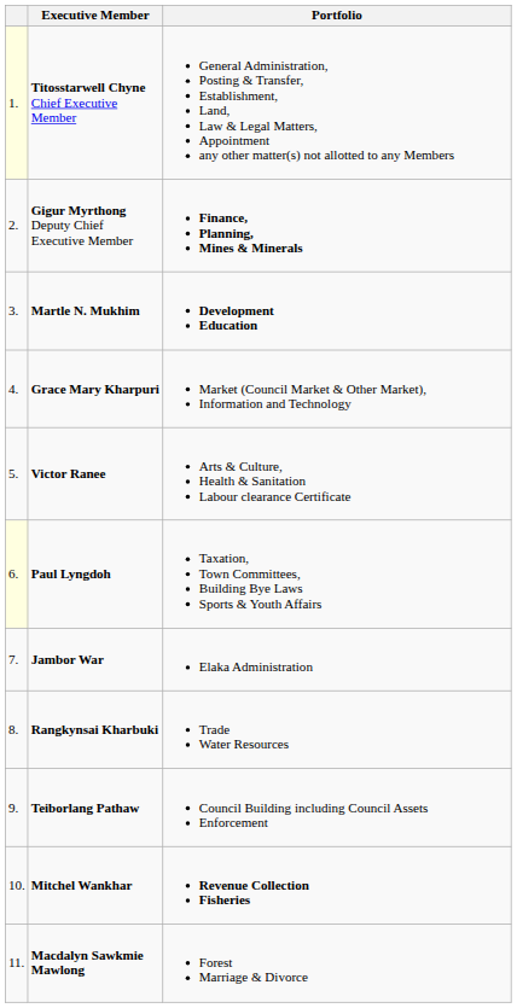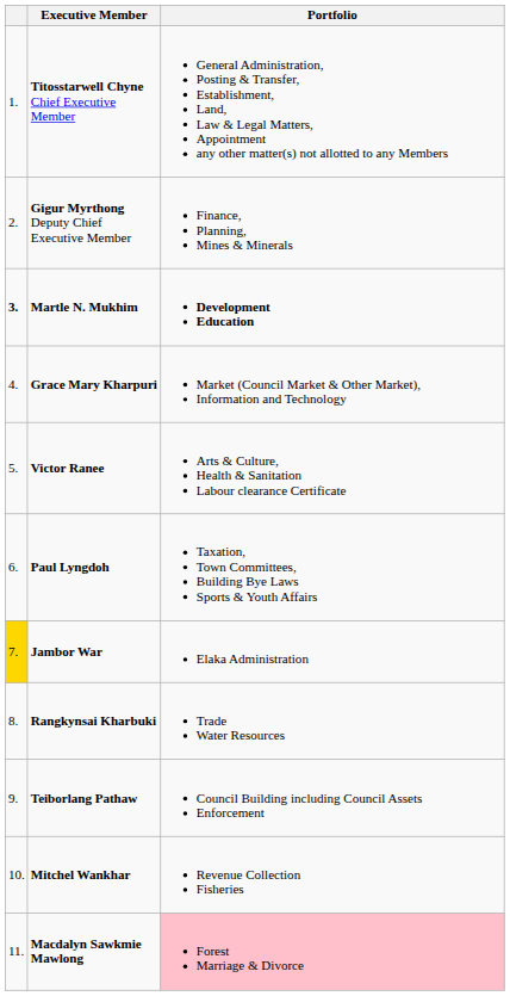 <table class="wikitable sortable">
 <tr>
 <th scope="col" style="width: 10px;"></th>
 <th scope="col" style="width: 200px;">Executive Member</th>
 <th scope="col" style="width: 600px;">Portfolio</th>
 </tr>
 <tr>
-<td style="background: lightyellow;">1.</td>
+<td>1.</td>
 <td><strong>Titosstarwell Chyne</strong><br><a href='#'>Chief Executive Member</a><br></td>
 <td><br><ul><li>General Administration,</li><li>Posting & Transfer,</li><li>Establishment,</li><li>Land,</li><li>Law & Legal Matters,</li><li>Appointment</li><li>any other matter(s) not allotted to any Members</li></ul></td>
 </tr>
 <tr>
 <td>2.</td>
 <td><strong>Gigur Myrthong</strong><br>Deputy Chief Executive Member<br></td>
-<td><strong><br><ul><li>Finance,</li><li>Planning,</li><li>Mines & Minerals</li></ul></strong></td>
+<td><br><ul><li>Finance,</li><li>Planning,</li><li>Mines & Minerals</li></ul></td>
 </tr>
 <tr>
-<td>3.</td>
+<td><strong>3.</strong></td>
 <td><strong>Martle N. Mukhim</strong></td>
 <td><strong><br><ul><li>Development</li><li>Education</li></ul></strong></td>
 </tr>
 <tr>
 <td>4.</td>
 <td><strong>Grace Mary Kharpuri</strong></td>
 <td><br><ul><li>Market (Council Market & Other Market),</li><li>Information and Technology</li></ul></td>
 </tr>
 <tr>
 <td>5.</td>
 <td><strong>Victor Ranee</strong></td>
 <td><br><ul><li>Arts & Culture,</li><li>Health & Sanitation</li><li>Labour clearance Certificate</li></ul></td>
 </tr>
 <tr>
-<td style="background: lightyellow;">6.</td>
+<td>6.</td>
 <td><strong>Paul Lyngdoh</strong></td>
 <td><br><ul><li>Taxation,</li><li>Town Committees,</li><li>Building Bye Laws</li><li>Sports & Youth Affairs</li></ul></td>
 </tr>
 <tr>
-<td>7.</td>
+<td style="background: gold;">7.</td>
 <td><strong>Jambor War</strong></td>
 <td><br><ul><li>Elaka Administration</li></ul></td>
 </tr>
 <tr>
 <td>8.</td>
 <td><strong>Rangkynsai Kharbuki</strong></td>
 <td><br><ul><li>Trade</li><li>Water Resources</li></ul></td>
 </tr>
 <tr>
 <td>9.</td>
 <td><strong>Teiborlang Pathaw</strong></td>
 <td><br><ul><li>Council Building including Council Assets</li><li>Enforcement</li></ul></td>
 </tr>
 <tr>
 <td>10.</td>
 <td><strong>Mitchel Wankhar</strong></td>
-<td><strong><br><ul><li>Revenue Collection</li><li>Fisheries</li></ul></strong></td>
+<td><br><ul><li>Revenue Collection</li><li>Fisheries</li></ul></td>
 </tr>
 <tr>
 <td>11.</td>
 <td><strong>Macdalyn Sawkmie Mawlong</strong></td>
-<td><br><ul><li>Forest</li><li>Marriage & Divorce</li></ul></td>
+<td style="background: pink;"><br><ul><li>Forest</li><li>Marriage & Divorce</li></ul></td>
 </tr>
 </table>
